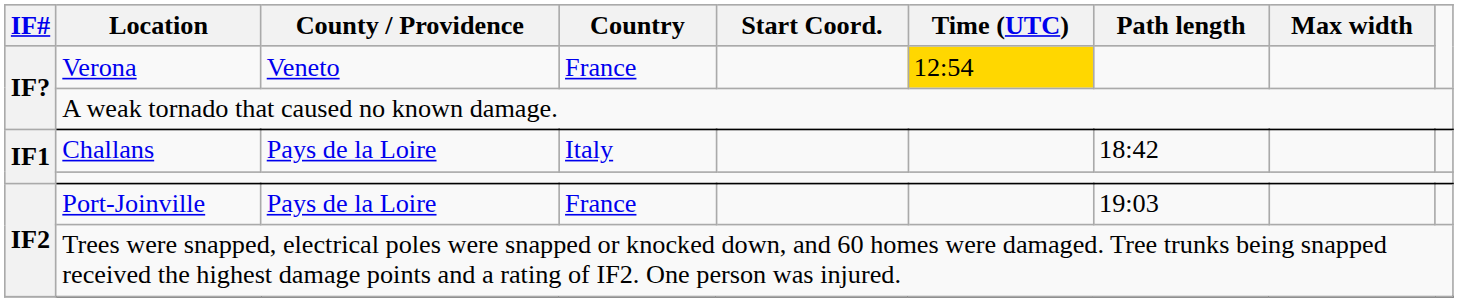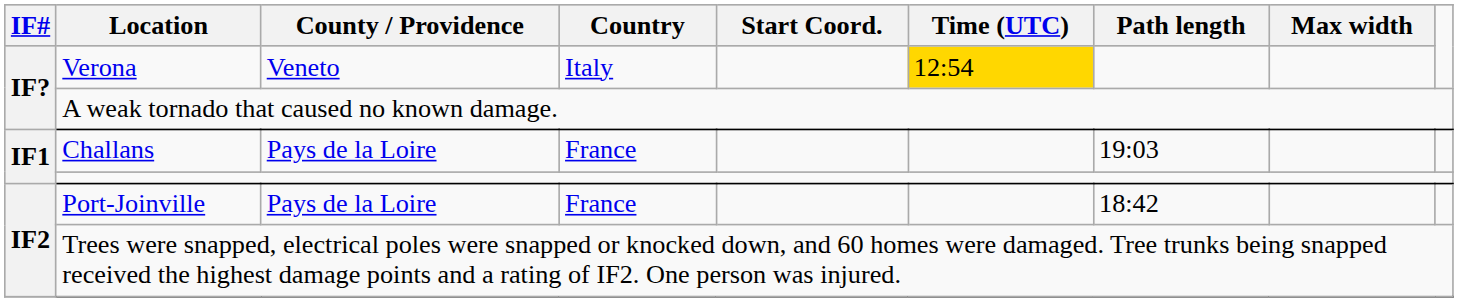 <table class="wikitable sortable" style="width:100%;">
 <tr>
 <th scope="col" width="2%" align="center"><a href='#'>IF#</a></th>
 <th scope="col" align="center" class="unsortable">Location</th>
 <th scope="col" align="center" class="unsortable">County / Providence</th>
 <th scope="col" align="center">Country</th>
 <th scope="col" align="center">Start Coord.</th>
 <th scope="col" align="center">Time (<a href='#'>UTC</a>)</th>
 <th scope="col" align="center">Path length</th>
 <th scope="col" align="center">Max width</th>
 </tr>
 <tr>
 <th scope="row" rowspan="2" style="background-color:#">IF?</th>
 <td><a href='#'>Verona</a></td>
 <td><a href='#'>Veneto</a></td>
-<td><a href='#'>France</a></td>
+<td><a href='#'>Italy</a></td>
 <td></td>
 <td style="background: gold;">12:54</td>
 <td></td>
 <td></td>
 </tr>
 <tr class="expand-child">
 <td colspan="8" style=" border-bottom: 1px solid black;">A weak tornado that caused no known damage.</td>
 </tr>
 <tr>
 <th scope="row" rowspan="2" style="background-color:#">IF1</th>
 <td><a href='#'>Challans</a></td>
 <td><a href='#'>Pays de la Loire</a></td>
-<td><a href='#'>Italy</a></td>
+<td><a href='#'>France</a></td>
 <td></td>
 <td></td>
-<td>18:42</td>
+<td>19:03</td>
 <td></td>
 <td></td>
 </tr>
 <tr class="expand-child">
 <td colspan="8" style=" border-bottom: 1px solid black;"></td>
 </tr>
 <tr>
 <th scope="row" rowspan="2" style="background-color:#">IF2</th>
 <td><a href='#'>Port-Joinville</a></td>
 <td><a href='#'>Pays de la Loire</a></td>
 <td><a href='#'>France</a></td>
 <td></td>
 <td></td>
-<td>19:03</td>
+<td>18:42</td>
 <td></td>
 <td></td>
 </tr>
 <tr class="expand-child">
 <td colspan="8" style=" border-bottom: 1px solid black;">Trees were snapped, electrical poles were snapped or knocked down, and 60 homes were damaged. Tree trunks being snapped received the highest damage points and a rating of IF2. One person was injured.</td>
 </tr>
 <tr>
 </tr>
 </table>
